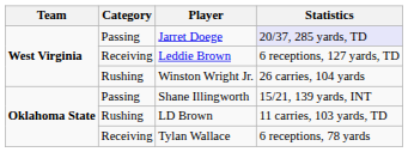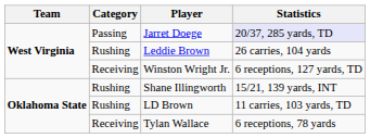 <table class="wikitable" style="float: right;">
 <tr>
 <th>Team</th>
 <th>Category</th>
 <th>Player</th>
 <th>Statistics</th>
 </tr>
 <tr>
 <td rowspan=3><strong>West Virginia</strong></td>
 <td>Passing</td>
 <td><a href='#'>Jarret Doege</a></td>
 <td style="background: lavender;">20/37, 285 yards, TD</td>
 </tr>
 <tr>
+<td>Rushing</td>
+<td><a href='#'>Leddie Brown</a></td>
+<td>26 carries, 104 yards</td>
+</tr>
+<tr>
 <td>Receiving</td>
-<td><a href='#'>Leddie Brown</a></td>
+<td>Winston Wright Jr.</td>
 <td>6 receptions, 127 yards, TD</td>
 </tr>
 <tr>
+<td rowspan=3><strong>Oklahoma State</strong></td>
 <td>Rushing</td>
-<td>Winston Wright Jr.</td>
-<td>26 carries, 104 yards</td>
-</tr>
-<tr>
-<td rowspan=3><strong>Oklahoma State</strong></td>
-<td>Passing</td>
 <td>Shane Illingworth</td>
 <td>15/21, 139 yards, INT</td>
 </tr>
 <tr>
 <td>Rushing</td>
 <td>LD Brown</td>
 <td>11 carries, 103 yards, TD</td>
 </tr>
 <tr>
 <td>Receiving</td>
 <td>Tylan Wallace</td>
 <td>6 receptions, 78 yards</td>
 </tr>
 </table>
